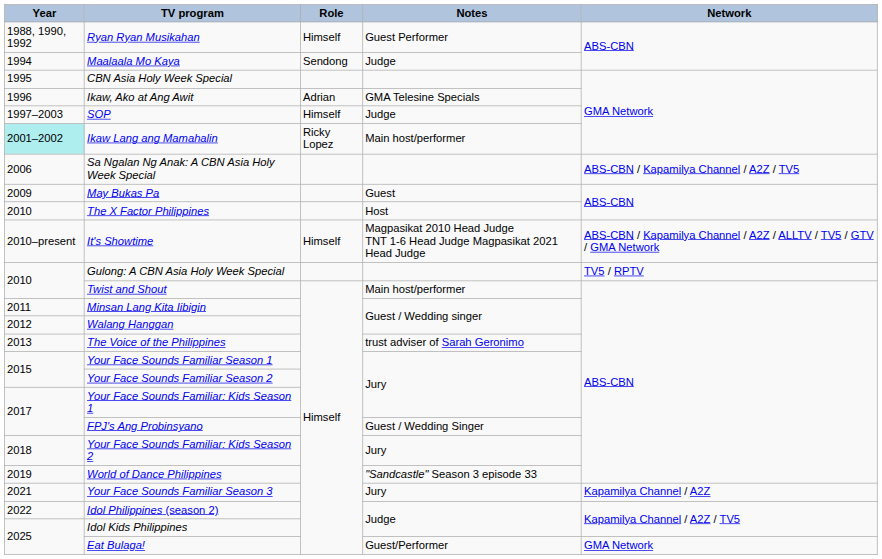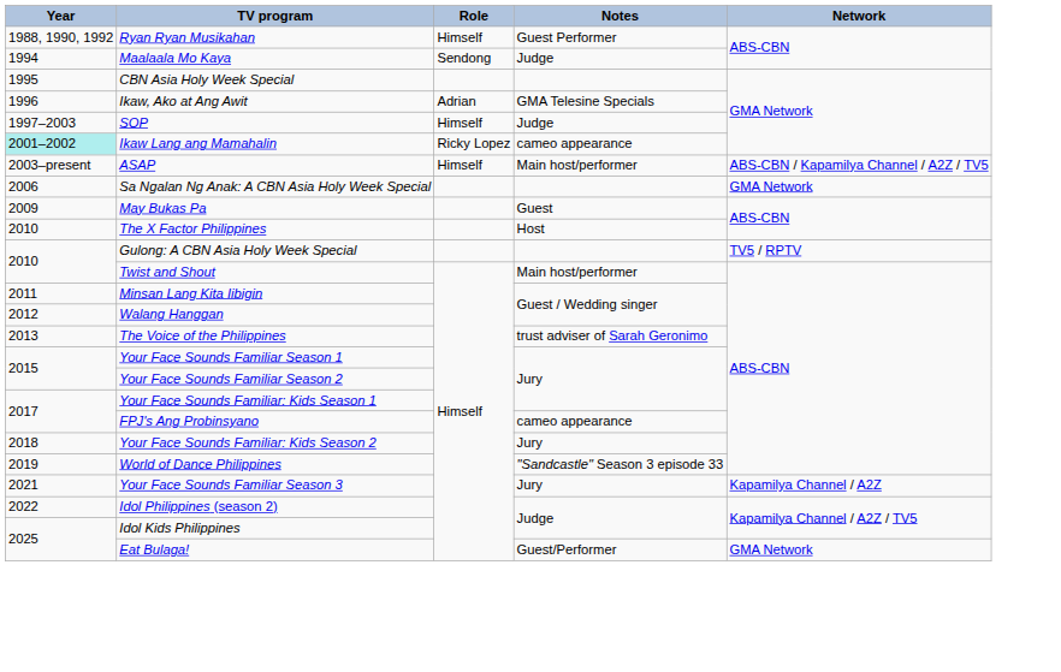 <table class="wikitable">
 <tr>
 <th style="background:#B0C4DE;">Year</th>
 <th style="background:#B0C4DE;">TV program</th>
 <th style="background:#B0C4DE;">Role</th>
 <th style="background:#B0C4DE;">Notes</th>
 <th style="background:#B0C4DE;">Network</th>
 </tr>
 <tr>
 <td>1988, 1990, 1992</td>
 <td><em><a href='#'>Ryan Ryan Musikahan</a></em></td>
 <td>Himself</td>
 <td>Guest Performer</td>
 <td rowspan="2"><a href='#'>ABS-CBN</a></td>
 </tr>
 <tr>
 <td>1994</td>
 <td><em><a href='#'>Maalaala Mo Kaya</a></em></td>
 <td>Sendong</td>
 <td>Judge</td>
 </tr>
 <tr>
 <td>1995</td>
 <td><em>CBN Asia Holy Week Special</em></td>
 <td></td>
 <td></td>
 <td rowspan="4"><a href='#'>GMA Network</a></td>
 </tr>
 <tr>
 <td>1996</td>
 <td><em>Ikaw, Ako at Ang Awit</em></td>
 <td>Adrian</td>
 <td>GMA Telesine Specials</td>
 </tr>
 <tr>
 <td>1997–2003</td>
 <td><em><a href='#'>SOP</a></em></td>
 <td>Himself</td>
 <td>Judge</td>
 </tr>
 <tr>
 <td style="background: paleturquoise;">2001–2002</td>
 <td><em><a href='#'>Ikaw Lang ang Mamahalin</a></em></td>
 <td>Ricky Lopez</td>
+<td>cameo appearance</td>
+</tr>
+<tr>
+<td>2003–present</td>
+<td><em><a href='#'>ASAP</a></em></td>
+<td>Himself</td>
 <td>Main host/performer</td>
+<td><a href='#'>ABS-CBN</a> / <a href='#'>Kapamilya Channel</a> / <a href='#'>A2Z</a> / <a href='#'>TV5</a></td>
 </tr>
 <tr>
 <td>2006</td>
 <td><em>Sa Ngalan Ng Anak: A CBN Asia Holy Week Special</em></td>
 <td></td>
 <td></td>
-<td><a href='#'>ABS-CBN</a> / <a href='#'>Kapamilya Channel</a> / <a href='#'>A2Z</a> / <a href='#'>TV5</a></td>
+<td><a href='#'>GMA Network</a></td>
 </tr>
 <tr>
 <td>2009</td>
 <td><em><a href='#'>May Bukas Pa</a></em></td>
 <td></td>
 <td>Guest</td>
 <td rowspan="2"><a href='#'>ABS-CBN</a></td>
 </tr>
 <tr>
 <td>2010</td>
 <td><em><a href='#'>The X Factor Philippines</a></em></td>
 <td></td>
 <td>Host</td>
-</tr>
-<tr>
-<td>2010–present</td>
-<td><em><a href='#'>It's Showtime</a></em></td>
-<td>Himself</td>
-<td>Magpasikat 2010 Head Judge<br>TNT 1-6 Head Judge Magpasikat 2021 Head Judge</td>
-<td><a href='#'>ABS-CBN</a> / <a href='#'>Kapamilya Channel</a> / <a href='#'>A2Z</a> / <a href='#'>ALLTV</a> / <a href='#'>TV5</a> / <a href='#'>GTV</a> / <a href='#'>GMA Network</a></td>
 </tr>
 <tr>
 <td rowspan="2">2010</td>
 <td><em>Gulong: A CBN Asia Holy Week Special</em></td>
 <td></td>
 <td></td>
 <td><a href='#'>TV5</a> / <a href='#'>RPTV</a></td>
 </tr>
 <tr>
 <td><em><a href='#'>Twist and Shout</a></em></td>
 <td rowspan="14">Himself</td>
 <td>Main host/performer</td>
 <td rowspan="10"><a href='#'>ABS-CBN</a></td>
 </tr>
 <tr>
 <td>2011</td>
 <td><em><a href='#'>Minsan Lang Kita Iibigin</a></em></td>
 <td rowspan="2">Guest / Wedding singer</td>
 </tr>
 <tr>
 <td>2012</td>
 <td><em><a href='#'>Walang Hanggan</a></em></td>
 </tr>
 <tr>
 <td>2013</td>
 <td><em><a href='#'>The Voice of the Philippines</a></em></td>
 <td>trust adviser of <a href='#'>Sarah Geronimo</a></td>
 </tr>
 <tr>
 <td rowspan="2">2015</td>
 <td><em><a href='#'>Your Face Sounds Familiar Season 1</a></em></td>
 <td rowspan="3">Jury</td>
 </tr>
 <tr>
 <td><em><a href='#'>Your Face Sounds Familiar Season 2</a></em></td>
 </tr>
 <tr>
 <td rowspan="2">2017</td>
 <td><em><a href='#'>Your Face Sounds Familiar: Kids Season 1</a></em></td>
 </tr>
 <tr>
 <td><em><a href='#'>FPJ's Ang Probinsyano</a></em></td>
-<td>Guest / Wedding Singer</td>
+<td>cameo appearance</td>
 </tr>
 <tr>
 <td>2018</td>
 <td><em><a href='#'>Your Face Sounds Familiar: Kids Season 2</a></em></td>
 <td>Jury</td>
 </tr>
 <tr>
 <td>2019</td>
 <td><em><a href='#'>World of Dance Philippines</a></em></td>
 <td><em>"Sandcastle"</em> Season 3 episode 33</td>
 </tr>
 <tr>
 <td>2021</td>
 <td><em><a href='#'>Your Face Sounds Familiar Season 3</a></em></td>
 <td>Jury</td>
 <td><a href='#'>Kapamilya Channel</a> / <a href='#'>A2Z</a></td>
 </tr>
 <tr>
 <td>2022</td>
 <td><a href='#'><em>Idol Philippines</em> (season 2)</a></td>
 <td rowspan="2">Judge</td>
 <td rowspan="2"><a href='#'>Kapamilya Channel</a> / <a href='#'>A2Z</a> / <a href='#'>TV5</a></td>
 </tr>
 <tr>
 <td rowspan="2">2025</td>
 <td><em>Idol Kids Philippines</em></td>
 </tr>
 <tr>
 <td><em><a href='#'>Eat Bulaga!</a></em></td>
 <td>Guest/Performer</td>
 <td><a href='#'>GMA Network</a></td>
 </tr>
 </table>
